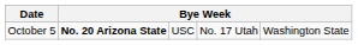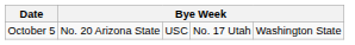 <table class="wikitable" style="font-size:95%;">
 <tr>
 <th>Date</th>
 <th colspan="4">Bye Week</th>
 </tr>
 <tr>
 <td>October 5</td>
-<td><strong>No. 20 Arizona State</strong></td>
+<td>No. 20 Arizona State</td>
 <td>USC</td>
 <td>No. 17 Utah</td>
 <td>Washington State</td>
 </tr>
 </table>
